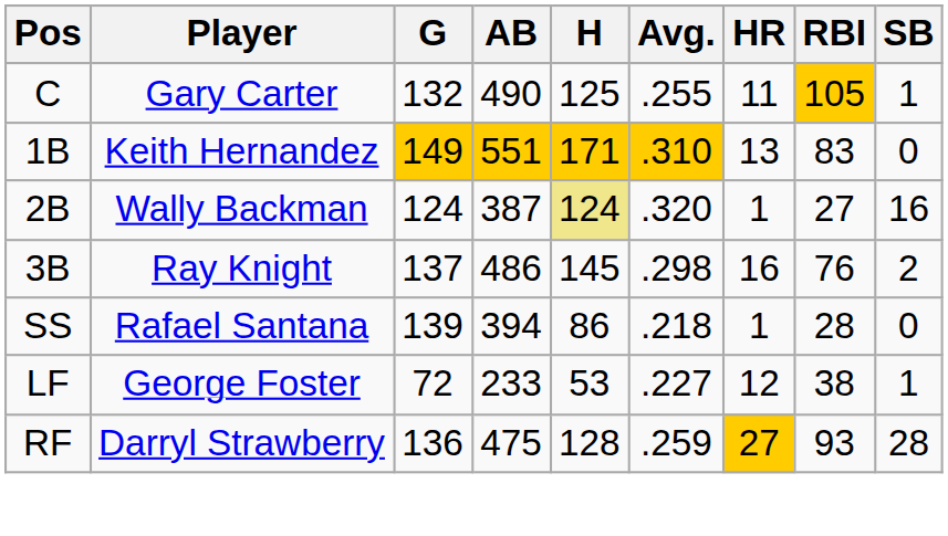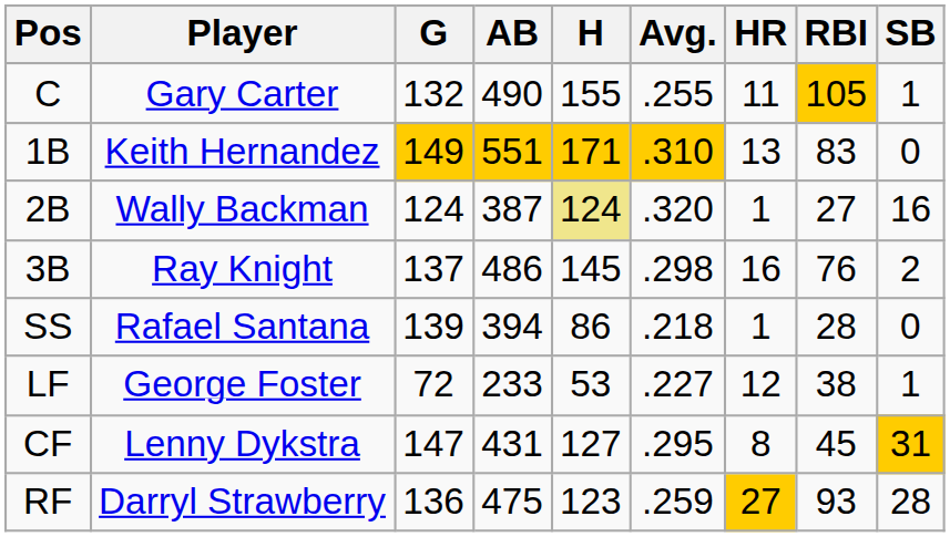 <table class="wikitable sortable">
 <tr>
 <th>Pos</th>
 <th>Player</th>
 <th>G</th>
 <th>AB</th>
 <th>H</th>
 <th>Avg.</th>
 <th>HR</th>
 <th>RBI</th>
 <th>SB</th>
 </tr>
 <tr style="text-align:center;">
 <td>C</td>
 <td><a href='#'>Gary Carter</a></td>
 <td>132</td>
 <td>490</td>
-<td>125</td>
+<td>155</td>
 <td>.255</td>
 <td>11</td>
 <td style="background:#fc0;">105</td>
 <td>1</td>
 </tr>
 <tr style="text-align:center;">
 <td>1B</td>
 <td><a href='#'>Keith Hernandez</a></td>
 <td style="background:#fc0;">149</td>
 <td style="background:#fc0;">551</td>
 <td style="background:#fc0;">171</td>
 <td style="background:#fc0">.310</td>
 <td>13</td>
 <td>83</td>
 <td>0</td>
 </tr>
 <tr style="text-align:center;">
 <td>2B</td>
 <td><a href='#'>Wally Backman</a></td>
 <td>124</td>
 <td>387</td>
 <td style="background: khaki;">124</td>
 <td>.320</td>
 <td>1</td>
 <td>27</td>
 <td>16</td>
 </tr>
 <tr style="text-align:center;">
 <td>3B</td>
 <td><a href='#'>Ray Knight</a></td>
 <td>137</td>
 <td>486</td>
 <td>145</td>
 <td>.298</td>
 <td>16</td>
 <td>76</td>
 <td>2</td>
 </tr>
 <tr style="text-align:center;">
 <td>SS</td>
 <td><a href='#'>Rafael Santana</a></td>
 <td>139</td>
 <td>394</td>
 <td>86</td>
 <td>.218</td>
 <td>1</td>
 <td>28</td>
 <td>0</td>
 </tr>
 <tr style="text-align:center;">
 <td>LF</td>
 <td><a href='#'>George Foster</a></td>
 <td>72</td>
 <td>233</td>
 <td>53</td>
 <td>.227</td>
 <td>12</td>
 <td>38</td>
 <td>1</td>
 </tr>
 <tr style="text-align:center;">
+<td>CF</td>
+<td><a href='#'>Lenny Dykstra</a></td>
+<td>147</td>
+<td>431</td>
+<td>127</td>
+<td>.295</td>
+<td>8</td>
+<td>45</td>
+<td style="background:#fc0;">31</td>
+</tr>
+<tr style="text-align:center;">
 <td>RF</td>
 <td><a href='#'>Darryl Strawberry</a></td>
 <td>136</td>
 <td>475</td>
-<td>128</td>
+<td>123</td>
 <td>.259</td>
 <td style="background:#fc0;">27</td>
 <td>93</td>
 <td>28</td>
 </tr>
 </table>
